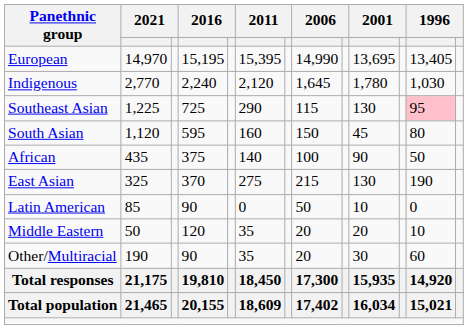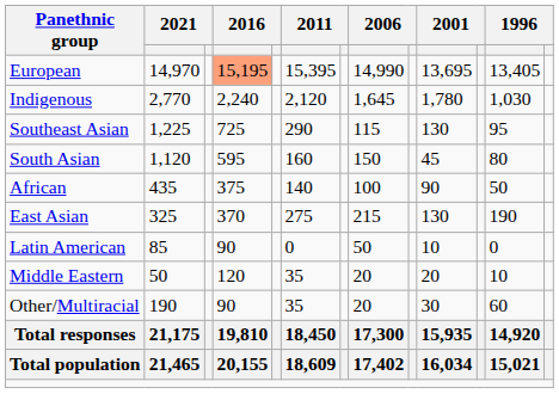 <table class="wikitable collapsible sortable">
 <tr>
 <th rowspan="2"><a href='#'>Panethnic</a><br>group</th>
 <th colspan="2">2021</th>
 <th colspan="2">2016</th>
 <th colspan="2">2011</th>
 <th colspan="2">2006</th>
 <th colspan="2">2001</th>
 <th colspan="2">1996</th>
 </tr>
 <tr>
 <th><a href='#'></a></th>
 <th></th>
 <th></th>
 <th></th>
 <th></th>
 <th></th>
 <th></th>
 <th></th>
 <th></th>
 <th></th>
 <th></th>
 <th></th>
 </tr>
 <tr>
 <td><a href='#'>European</a></td>
 <td>14,970</td>
 <td></td>
-<td>15,195</td>
+<td style="background: lightsalmon;">15,195</td>
 <td></td>
 <td>15,395</td>
 <td></td>
 <td>14,990</td>
 <td></td>
 <td>13,695</td>
 <td></td>
 <td>13,405</td>
 <td></td>
 </tr>
 <tr>
 <td><a href='#'>Indigenous</a></td>
 <td>2,770</td>
 <td></td>
 <td>2,240</td>
 <td></td>
 <td>2,120</td>
 <td></td>
 <td>1,645</td>
 <td></td>
 <td>1,780</td>
 <td></td>
 <td>1,030</td>
 <td></td>
 </tr>
 <tr>
 <td><a href='#'>Southeast Asian</a></td>
 <td>1,225</td>
 <td></td>
 <td>725</td>
 <td></td>
 <td>290</td>
 <td></td>
 <td>115</td>
 <td></td>
 <td>130</td>
 <td></td>
-<td style="background: pink;">95</td>
+<td>95</td>
 <td></td>
 </tr>
 <tr>
 <td><a href='#'>South Asian</a></td>
 <td>1,120</td>
 <td></td>
 <td>595</td>
 <td></td>
 <td>160</td>
 <td></td>
 <td>150</td>
 <td></td>
 <td>45</td>
 <td></td>
 <td>80</td>
 <td></td>
 </tr>
 <tr>
 <td><a href='#'>African</a></td>
 <td>435</td>
 <td></td>
 <td>375</td>
 <td></td>
 <td>140</td>
 <td></td>
 <td>100</td>
 <td></td>
 <td>90</td>
 <td></td>
 <td>50</td>
 <td></td>
 </tr>
 <tr>
 <td><a href='#'>East Asian</a></td>
 <td>325</td>
 <td></td>
 <td>370</td>
 <td></td>
 <td>275</td>
 <td></td>
 <td>215</td>
 <td></td>
 <td>130</td>
 <td></td>
 <td>190</td>
 <td></td>
 </tr>
 <tr>
 <td><a href='#'>Latin American</a></td>
 <td>85</td>
 <td></td>
 <td>90</td>
 <td></td>
 <td>0</td>
 <td></td>
 <td>50</td>
 <td></td>
 <td>10</td>
 <td></td>
 <td>0</td>
 <td></td>
 </tr>
 <tr>
 <td><a href='#'>Middle Eastern</a></td>
 <td>50</td>
 <td></td>
 <td>120</td>
 <td></td>
 <td>35</td>
 <td></td>
 <td>20</td>
 <td></td>
 <td>20</td>
 <td></td>
 <td>10</td>
 <td></td>
 </tr>
 <tr>
 <td>Other/<a href='#'>Multiracial</a></td>
 <td>190</td>
 <td></td>
 <td>90</td>
 <td></td>
 <td>35</td>
 <td></td>
 <td>20</td>
 <td></td>
 <td>30</td>
 <td></td>
 <td>60</td>
 <td></td>
 </tr>
 <tr>
 <th>Total responses</th>
 <th>21,175</th>
 <th></th>
 <th>19,810</th>
 <th></th>
 <th>18,450</th>
 <th></th>
 <th>17,300</th>
 <th></th>
 <th>15,935</th>
 <th></th>
 <th>14,920</th>
 <th></th>
 </tr>
 <tr>
 <th>Total population</th>
 <th>21,465</th>
 <th></th>
 <th>20,155</th>
 <th></th>
 <th>18,609</th>
 <th></th>
 <th>17,402</th>
 <th></th>
 <th>16,034</th>
 <th></th>
 <th>15,021</th>
 <th></th>
 </tr>
 <tr class="sortbottom">
 <td colspan="15"></td>
 </tr>
 </table>
